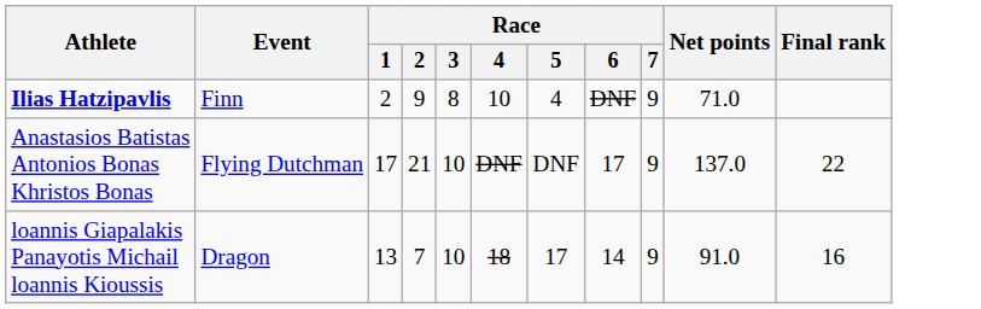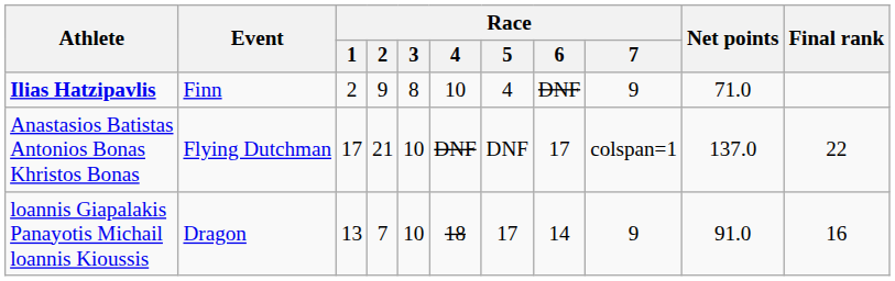 <table class="wikitable" style="font-size:90%">
 <tr>
 <th rowspan="2">Athlete</th>
 <th rowspan="2">Event</th>
 <th colspan=7>Race</th>
 <th rowspan=2>Net points</th>
 <th rowspan=2>Final rank</th>
 </tr>
 <tr style="font-size:95%">
 <th>1</th>
 <th>2</th>
 <th>3</th>
 <th>4</th>
 <th>5</th>
 <th>6</th>
 <th>7</th>
 </tr>
 <tr align=center>
 <td align=left><strong><a href='#'>Ilias Hatzipavlis</a></strong></td>
 <td align=left><a href='#'>Finn</a></td>
 <td>2</td>
 <td>9</td>
 <td>8</td>
 <td>10</td>
 <td>4</td>
 <td><s>DNF</s></td>
 <td>9</td>
 <td>71.0</td>
 <td></td>
 </tr>
 <tr align=center>
 <td align=left><a href='#'>Anastasios Batistas</a><br><a href='#'>Antonios Bonas</a><br><a href='#'>Khristos Bonas</a></td>
 <td align=left><a href='#'>Flying Dutchman</a></td>
 <td>17</td>
 <td>21</td>
 <td>10</td>
 <td><s>DNF</s></td>
 <td>DNF</td>
 <td>17</td>
-<td>9</td>
+<td>colspan=1 </td>
 <td>137.0</td>
 <td>22</td>
 </tr>
 <tr align=center>
 <td align=left><a href='#'>loannis Giapalakis</a><br><a href='#'>Panayotis Michail</a><br><a href='#'>loannis Kioussis</a></td>
 <td align=left><a href='#'>Dragon</a></td>
 <td>13</td>
 <td>7</td>
 <td>10</td>
 <td><s>18</s></td>
 <td>17</td>
 <td>14</td>
 <td>9</td>
 <td>91.0</td>
 <td>16</td>
 </tr>
 </table>
